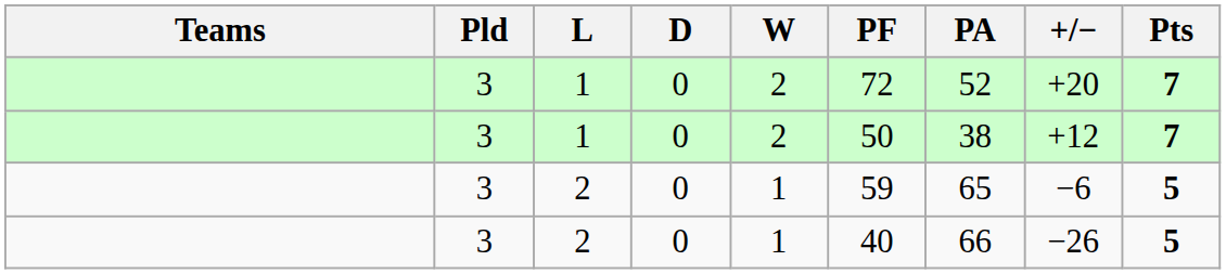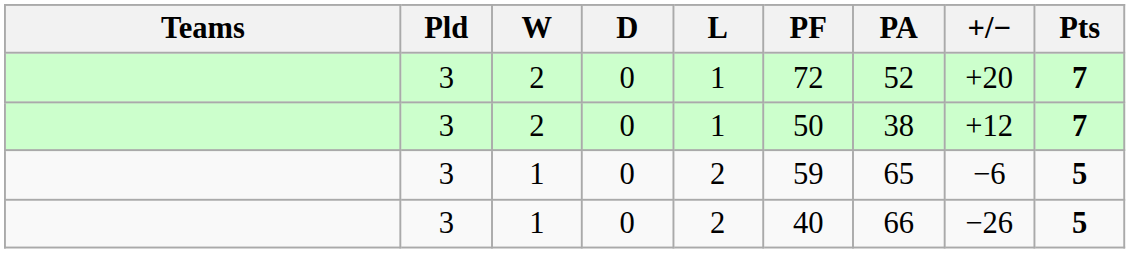 <table class="wikitable" style="text-align: center;">
 <tr>
 <th width="200">Teams</th>
 <th width="40">Pld</th>
+<th width="40">W</th>
+<th width="40">D</th>
 <th width="40">L</th>
-<th width="40">D</th>
-<th width="40">W</th>
 <th width="40">PF</th>
 <th width="40">PA</th>
 <th width="40">+/−</th>
 <th width="40">Pts</th>
 </tr>
 <tr bgcolor=ccffcc>
 <td align=left></td>
 <td>3</td>
+<td>2</td>
+<td>0</td>
 <td>1</td>
-<td>0</td>
-<td>2</td>
 <td>72</td>
 <td>52</td>
 <td>+20</td>
 <td><strong>7</strong></td>
 </tr>
 <tr bgcolor=ccffcc>
 <td align=left></td>
 <td>3</td>
+<td>2</td>
+<td>0</td>
 <td>1</td>
-<td>0</td>
-<td>2</td>
 <td>50</td>
 <td>38</td>
 <td>+12</td>
 <td><strong>7</strong></td>
 </tr>
 <tr>
 <td align=left></td>
 <td>3</td>
+<td>1</td>
+<td>0</td>
 <td>2</td>
-<td>0</td>
-<td>1</td>
 <td>59</td>
 <td>65</td>
 <td>−6</td>
 <td><strong>5</strong></td>
 </tr>
 <tr>
 <td align=left></td>
 <td>3</td>
+<td>1</td>
+<td>0</td>
 <td>2</td>
-<td>0</td>
-<td>1</td>
 <td>40</td>
 <td>66</td>
 <td>−26</td>
 <td><strong>5</strong></td>
 </tr>
 </table>
